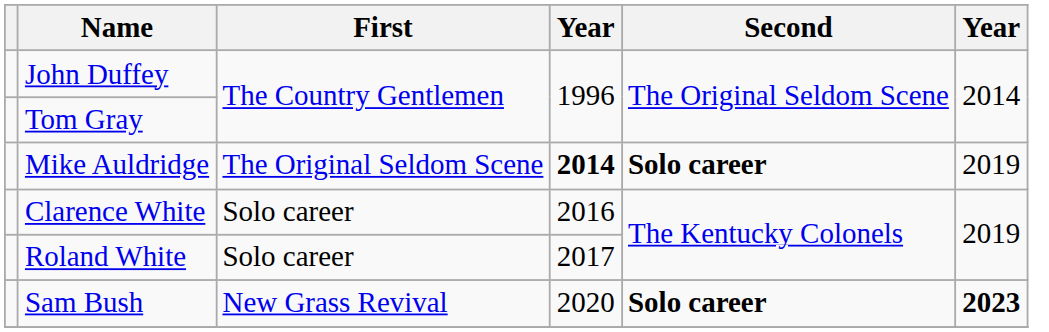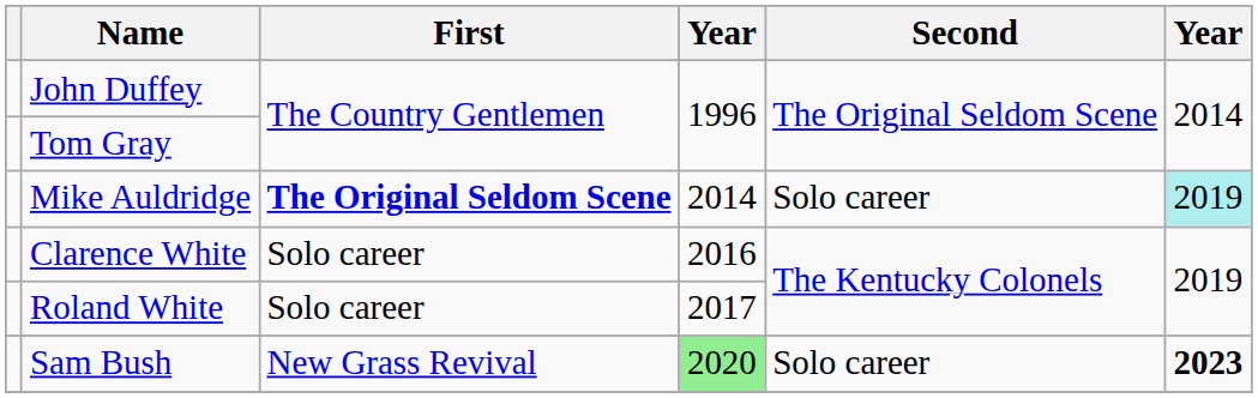 <table class="wikitable sortable">
 <tr>
 <th class="unsortable"></th>
 <th>Name</th>
 <th>First</th>
 <th>Year</th>
 <th>Second</th>
 <th>Year</th>
 </tr>
 <tr>
 <td></td>
 <td><a href='#'>John Duffey</a></td>
 <td rowspan=2><a href='#'>The Country Gentlemen</a></td>
 <td rowspan=2>1996</td>
 <td rowspan=2><a href='#'>The Original Seldom Scene</a></td>
 <td rowspan=2>2014</td>
 </tr>
 <tr>
 <td></td>
 <td><a href='#'>Tom Gray</a></td>
 </tr>
 <tr>
 <td></td>
 <td><a href='#'>Mike Auldridge</a></td>
-<td><a href='#'>The Original Seldom Scene</a></td>
-<td><strong>2014</strong></td>
-<td><strong>Solo career</strong></td>
-<td>2019</td>
+<td><strong><a href='#'>The Original Seldom Scene</a></strong></td>
+<td>2014</td>
+<td>Solo career</td>
+<td style="background: paleturquoise;">2019</td>
 </tr>
 <tr>
 <td></td>
 <td><a href='#'>Clarence White</a></td>
 <td>Solo career</td>
 <td>2016</td>
 <td rowspan=2><a href='#'>The Kentucky Colonels</a></td>
 <td rowspan=2>2019</td>
 </tr>
 <tr>
 <td></td>
 <td><a href='#'>Roland White</a></td>
 <td>Solo career</td>
 <td>2017</td>
 </tr>
 <tr>
 <td></td>
 <td><a href='#'>Sam Bush</a></td>
 <td><a href='#'>New Grass Revival</a></td>
-<td>2020</td>
-<td><strong>Solo career</strong></td>
+<td style="background: lightgreen;">2020</td>
+<td>Solo career</td>
 <td><strong>2023</strong></td>
 </tr>
 <tr>
 </tr>
 </table>
